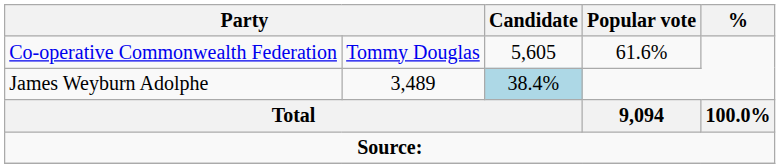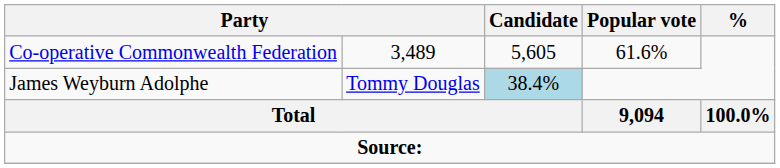 <table class="wikitable">
 <tr>
 <th colspan="2">Party</th>
 <th>Candidate</th>
 <th>Popular vote</th>
 <th>%</th>
 </tr>
 <tr>
 <td><a href='#'>Co-operative Commonwealth Federation</a></td>
-<td> <a href='#'>Tommy Douglas</a></td>
+<td align=center>3,489</td>
 <td align=center>5,605</td>
 <td align=center>61.6%</td>
 </tr>
 <tr>
 <td>James Weyburn Adolphe</td>
-<td align=center>3,489</td>
+<td> <a href='#'>Tommy Douglas</a></td>
 <td align=center style="background: lightblue;">38.4%</td>
 </tr>
 <tr>
 <th colspan=3>Total</th>
 <th>9,094</th>
 <th>100.0%</th>
 </tr>
 <tr>
 <td align="center" colspan=5><strong>Source:</strong> </td>
 </tr>
 <tr>
 </tr>
 </table>
